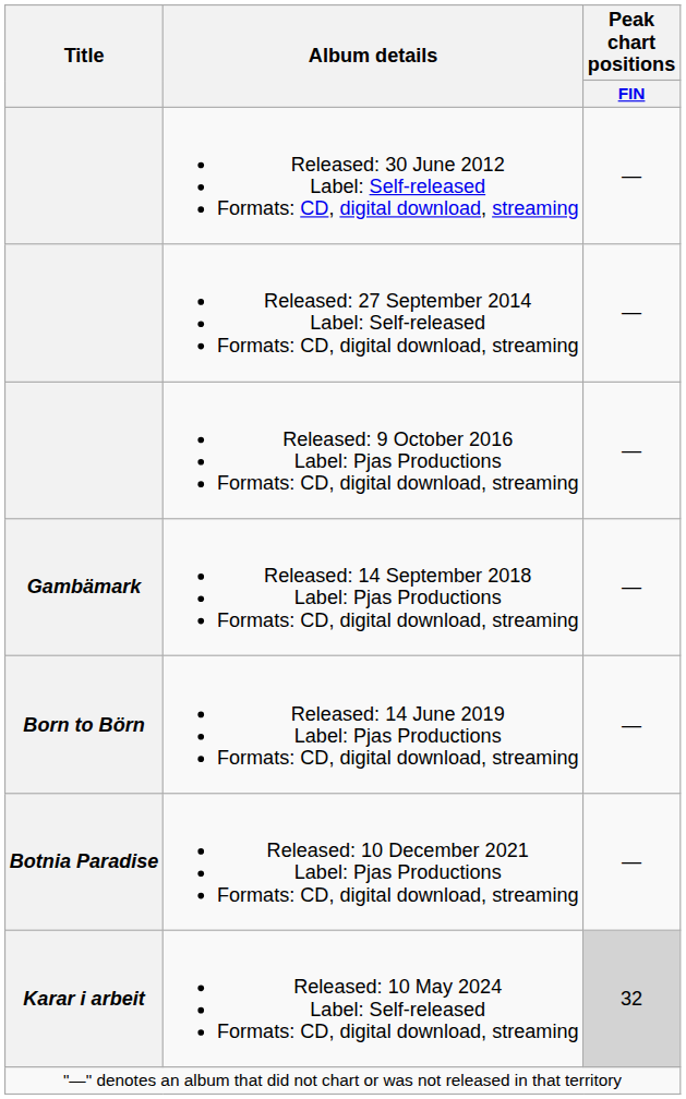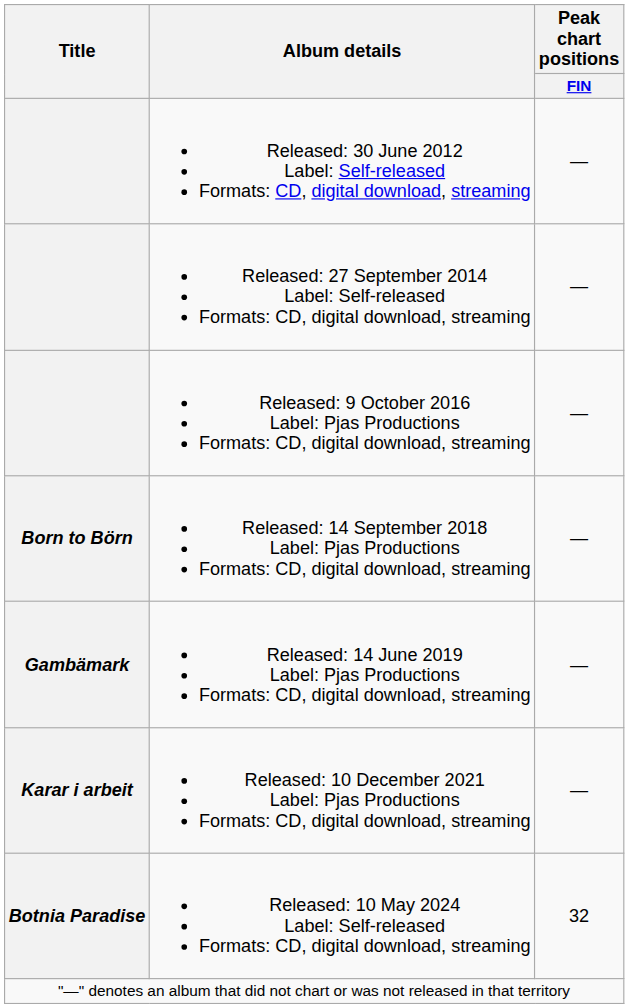 <table class="wikitable plainrowheaders" style="text-align:center;">
 <tr>
 <th scope="col" rowspan="2">Title</th>
 <th scope="col" rowspan="2">Album details</th>
 <th scope="col" colspan="1">Peak chart positions</th>
 </tr>
 <tr>
 <th scope="col" style="width:3em;font-size:85%;"><a href='#'>FIN</a><br></th>
 </tr>
 <tr>
 <th scope="row"><em></em></th>
 <td><br><ul><li>Released: 30 June 2012</li><li>Label: <a href='#'>Self-released</a></li><li>Formats: <a href='#'>CD</a>, <a href='#'>digital download</a>, <a href='#'>streaming</a></li></ul></td>
 <td>—</td>
 </tr>
 <tr>
 <th scope="row"><em></em></th>
 <td><br><ul><li>Released: 27 September 2014</li><li>Label: Self-released</li><li>Formats: CD, digital download, streaming</li></ul></td>
 <td>—</td>
 </tr>
 <tr>
 <th scope="row"><em></em></th>
 <td><br><ul><li>Released: 9 October 2016</li><li>Label: Pjas Productions</li><li>Formats: CD, digital download, streaming</li></ul></td>
 <td>—</td>
 </tr>
 <tr>
-<th scope="row"><em>Gambämark</em></th>
+<th scope="row"><em>Born to Börn</em><br></th>
 <td><br><ul><li>Released: 14 September 2018</li><li>Label: Pjas Productions</li><li>Formats: CD, digital download, streaming</li></ul></td>
 <td>—</td>
 </tr>
 <tr>
-<th scope="row"><em>Born to Börn</em><br></th>
+<th scope="row"><em>Gambämark</em></th>
 <td><br><ul><li>Released: 14 June 2019</li><li>Label: Pjas Productions</li><li>Formats: CD, digital download, streaming</li></ul></td>
 <td>—</td>
 </tr>
 <tr>
-<th scope="row"><em>Botnia Paradise</em></th>
+<th scope="row"><em>Karar i arbeit</em></th>
 <td><br><ul><li>Released: 10 December 2021</li><li>Label: Pjas Productions</li><li>Formats: CD, digital download, streaming</li></ul></td>
 <td>—</td>
 </tr>
 <tr>
-<th scope="row"><em>Karar i arbeit</em></th>
+<th scope="row"><em>Botnia Paradise</em></th>
 <td><br><ul><li>Released: 10 May 2024</li><li>Label: Self-released</li><li>Formats: CD, digital download, streaming</li></ul></td>
-<td style="background: lightgrey;">32</td>
+<td>32</td>
 </tr>
 <tr>
 <td colspan="8" style="font-size:85%">"—" denotes an album that did not chart or was not released in that territory</td>
 </tr>
 </table>
